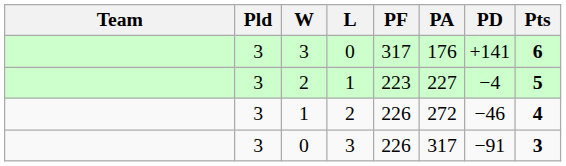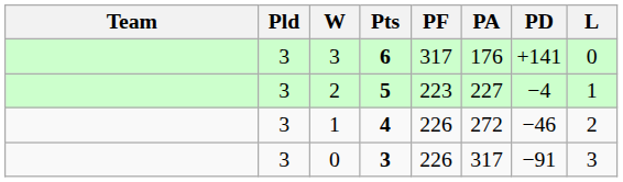 <table class=wikitable style="text-align:center">
 <tr>
 <th width=180>Team</th>
 <th width=30>Pld</th>
 <th width=30>W</th>
-<th width=30>L</th>
+<th width=30>Pts</th>
 <th width=30>PF</th>
 <th width=30>PA</th>
 <th width=30>PD</th>
-<th width=30>Pts</th>
+<th width=30>L</th>
 </tr>
 <tr bgcolor="#ccffcc">
 <td align=left></td>
 <td>3</td>
 <td>3</td>
-<td>0</td>
+<td><strong>6</strong></td>
 <td>317</td>
 <td>176</td>
 <td>+141</td>
-<td><strong>6</strong></td>
+<td>0</td>
 </tr>
 <tr bgcolor="#ccffcc">
 <td align=left></td>
 <td>3</td>
 <td>2</td>
-<td>1</td>
+<td><strong>5</strong></td>
 <td>223</td>
 <td>227</td>
 <td>−4</td>
-<td><strong>5</strong></td>
+<td>1</td>
 </tr>
 <tr align=center>
 <td align=left></td>
 <td>3</td>
 <td>1</td>
-<td>2</td>
+<td><strong>4</strong></td>
 <td>226</td>
 <td>272</td>
 <td>−46</td>
-<td><strong>4</strong></td>
+<td>2</td>
 </tr>
 <tr align=center>
 <td align=left></td>
 <td>3</td>
 <td>0</td>
-<td>3</td>
+<td><strong>3</strong></td>
 <td>226</td>
 <td>317</td>
 <td>−91</td>
-<td><strong>3</strong></td>
+<td>3</td>
 </tr>
 </table>
